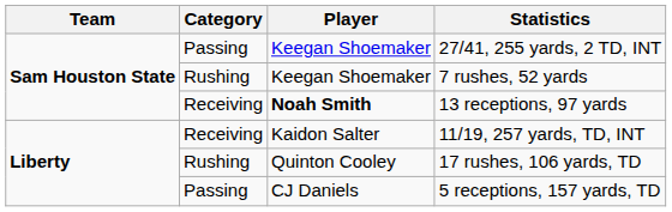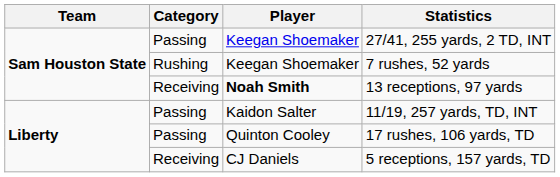 <table class="wikitable" style="float: right;">
 <tr>
 <th>Team</th>
 <th>Category</th>
 <th>Player</th>
 <th>Statistics</th>
 </tr>
 <tr>
 <td rowspan=3><strong>Sam Houston State</strong></td>
 <td>Passing</td>
 <td><a href='#'>Keegan Shoemaker</a></td>
 <td>27/41, 255 yards, 2 TD, INT</td>
 </tr>
 <tr>
 <td>Rushing</td>
 <td>Keegan Shoemaker</td>
 <td>7 rushes, 52 yards</td>
 </tr>
 <tr>
 <td>Receiving</td>
 <td><strong>Noah Smith</strong></td>
 <td>13 receptions, 97 yards</td>
 </tr>
 <tr>
 <td rowspan=3><strong>Liberty</strong></td>
-<td>Receiving</td>
+<td>Passing</td>
 <td>Kaidon Salter</td>
 <td>11/19, 257 yards, TD, INT</td>
 </tr>
 <tr>
-<td>Rushing</td>
+<td>Passing</td>
 <td>Quinton Cooley</td>
 <td>17 rushes, 106 yards, TD</td>
 </tr>
 <tr>
-<td>Passing</td>
+<td>Receiving</td>
 <td>CJ Daniels</td>
 <td>5 receptions, 157 yards, TD</td>
 </tr>
 </table>
